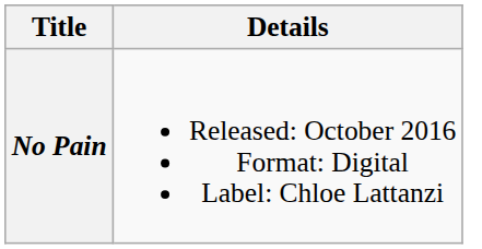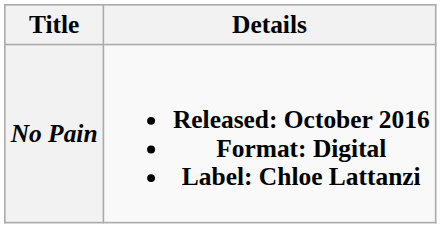 <table class="wikitable plainrowheaders" style="text-align:center;" border="1">
 <tr>
 <th>Title</th>
 <th>Details</th>
 </tr>
 <tr>
 <th scope="row"><em>No Pain</em></th>
-<td><br><ul><li>Released: October 2016</li><li>Format: Digital</li><li>Label: Chloe Lattanzi</li></ul></td>
+<td><strong><br><ul><li>Released: October 2016</li><li>Format: Digital</li><li>Label: Chloe Lattanzi</li></ul></strong></td>
 </tr>
 </table>
